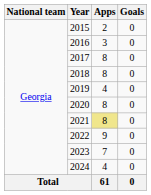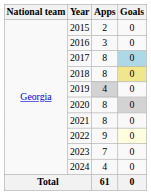 <table class="wikitable" style="text-align:center">
 <tr>
 <th>National team</th>
 <th>Year</th>
 <th>Apps</th>
 <th>Goals</th>
 </tr>
 <tr>
 <td rowspan="10"><a href='#'>Georgia</a></td>
 <td>2015</td>
 <td>2</td>
 <td>0</td>
 </tr>
 <tr>
 <td>2016</td>
 <td>3</td>
 <td>0</td>
 </tr>
 <tr>
 <td>2017</td>
 <td>8</td>
-<td>0</td>
+<td style="background: lightblue;">0</td>
 </tr>
 <tr>
 <td>2018</td>
 <td>8</td>
-<td>0</td>
+<td style="background: khaki;">0</td>
 </tr>
 <tr>
 <td>2019</td>
-<td>4</td>
+<td style="background: lightgrey;">4</td>
 <td>0</td>
 </tr>
 <tr>
 <td>2020</td>
 <td>8</td>
-<td>0</td>
+<td style="background: lightgrey;">0</td>
 </tr>
 <tr>
 <td>2021</td>
-<td style="background: khaki;">8</td>
+<td>8</td>
 <td>0</td>
 </tr>
 <tr>
 <td>2022</td>
 <td>9</td>
-<td>0</td>
+<td style="background: lightyellow;">0</td>
 </tr>
 <tr>
 <td>2023</td>
 <td>7</td>
 <td>0</td>
 </tr>
 <tr>
 <td>2024</td>
 <td>4</td>
 <td>0</td>
 </tr>
 <tr>
 <th colspan="2">Total</th>
 <th>61</th>
 <th>0</th>
 </tr>
 </table>
